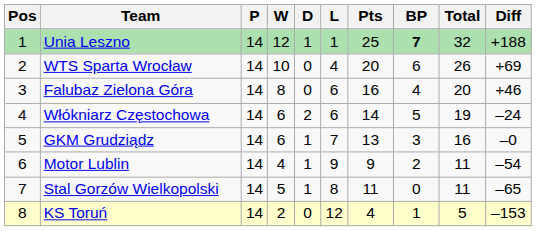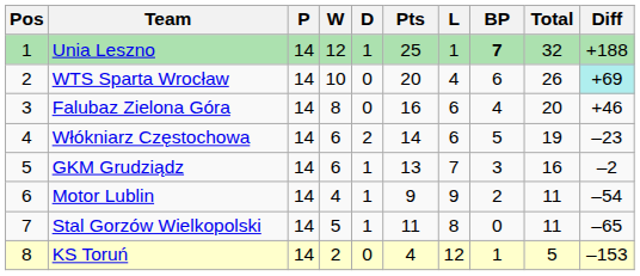 <table class="wikitable" style="font-size: 100%">
 <tr>
 <th width=20>Pos</th>
 <th width=200>Team</th>
 <th width=20>P</th>
 <th width=20>W</th>
 <th width=20>D</th>
+<th width=40>Pts</th>
 <th width=20>L</th>
-<th width=40>Pts</th>
 <th width=40>BP</th>
 <th width=40>Total</th>
 <th width=40>Diff</th>
 </tr>
 <tr align=center style="background:#ACE1AF;">
 <td>1</td>
 <td align="left"><a href='#'>Unia Leszno</a></td>
 <td>14</td>
 <td>12</td>
 <td>1</td>
+<td>25</td>
 <td>1</td>
-<td>25</td>
 <td><strong>7</strong></td>
 <td>32</td>
 <td>+188</td>
 </tr>
 <tr align=center>
 <td>2</td>
 <td align="left"><a href='#'>WTS Sparta Wrocław</a></td>
 <td>14</td>
 <td>10</td>
 <td>0</td>
+<td>20</td>
 <td>4</td>
-<td>20</td>
 <td>6</td>
 <td>26</td>
-<td>+69</td>
+<td style="background: paleturquoise;">+69</td>
 </tr>
 <tr align=center>
 <td>3</td>
 <td align="left"><a href='#'>Falubaz Zielona Góra</a></td>
 <td>14</td>
 <td>8</td>
 <td>0</td>
+<td>16</td>
 <td>6</td>
-<td>16</td>
 <td>4</td>
 <td>20</td>
 <td>+46</td>
 </tr>
 <tr align=center>
 <td>4</td>
 <td align="left"><a href='#'>Włókniarz Częstochowa</a></td>
 <td>14</td>
 <td>6</td>
 <td>2</td>
+<td>14</td>
 <td>6</td>
-<td>14</td>
 <td>5</td>
 <td>19</td>
-<td>–24</td>
+<td>–23</td>
 </tr>
 <tr align=center>
 <td>5</td>
 <td align="left"><a href='#'>GKM Grudziądz</a></td>
 <td>14</td>
 <td>6</td>
 <td>1</td>
+<td>13</td>
 <td>7</td>
-<td>13</td>
 <td>3</td>
 <td>16</td>
-<td>–0</td>
+<td>–2</td>
 </tr>
 <tr align=center>
 <td>6</td>
 <td align="left"><a href='#'>Motor Lublin</a></td>
 <td>14</td>
 <td>4</td>
 <td>1</td>
 <td>9</td>
 <td>9</td>
 <td>2</td>
 <td>11</td>
 <td>–54</td>
 </tr>
 <tr align=center>
 <td>7</td>
 <td align="left"><a href='#'>Stal Gorzów Wielkopolski</a></td>
 <td>14</td>
 <td>5</td>
 <td>1</td>
+<td>11</td>
 <td>8</td>
-<td>11</td>
 <td>0</td>
 <td>11</td>
 <td>–65</td>
 </tr>
 <tr align=center style="background: #ffffcc;">
 <td>8</td>
 <td align="left"><a href='#'>KS Toruń</a></td>
 <td>14</td>
 <td>2</td>
 <td>0</td>
+<td>4</td>
 <td>12</td>
-<td>4</td>
 <td>1</td>
 <td>5</td>
 <td>–153</td>
 </tr>
 </table>
